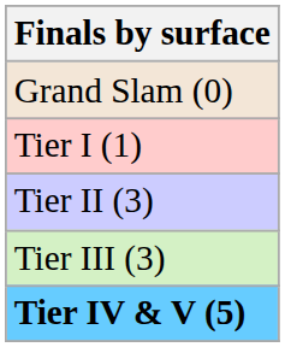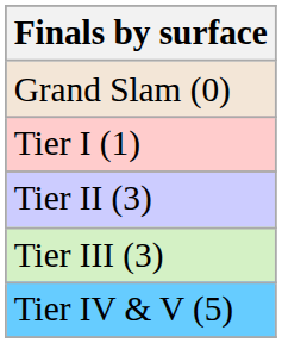 <table class="wikitable sortable mw-collapsible mw-collapsed">
 <tr>
 <th>Finals by surface</th>
 </tr>
 <tr style="background:#f3e6d7;">
 <td>Grand Slam (0)</td>
 </tr>
 <tr style="background:#fcc;">
 <td>Tier I (1)</td>
 </tr>
 <tr style="background:#ccf;">
 <td>Tier II (3)</td>
 </tr>
 <tr style="background:#d4f1c5;">
 <td>Tier III (3)</td>
 </tr>
 <tr style="background:#6cf;">
-<td><strong>Tier IV & V (5)</strong></td>
+<td>Tier IV & V (5)</td>
 </tr>
 </table>
